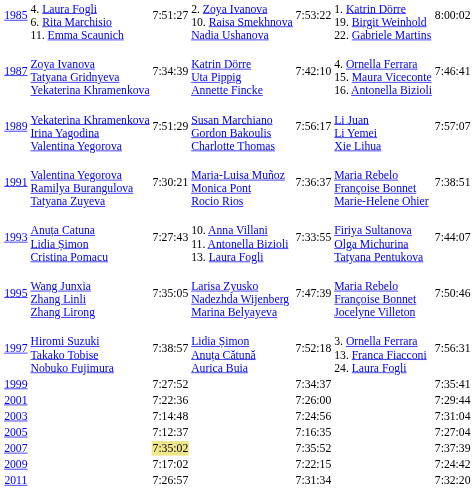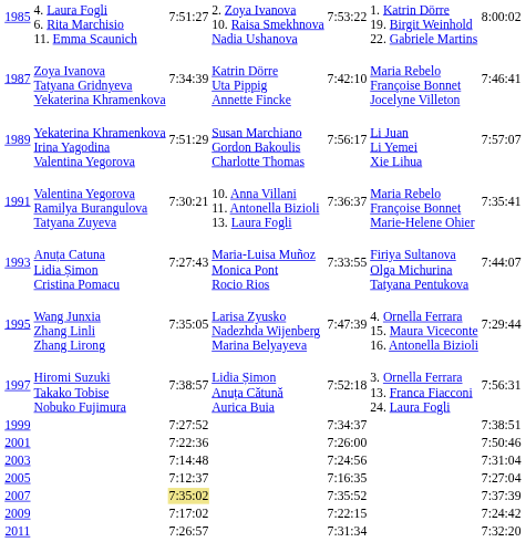 <table {| >
 <tr>
 <td align=center><a href='#'>1985</a></td>
 <td><br>4. <a href='#'>Laura Fogli</a><br>6. <a href='#'>Rita Marchisio</a><br>11. <a href='#'>Emma Scaunich</a></td>
 <td>7:51:27</td>
 <td><br>2. <a href='#'>Zoya Ivanova</a><br>10. <a href='#'>Raisa Smekhnova</a><br><a href='#'>Nadia Ushanova</a></td>
 <td>7:53:22</td>
 <td><br>1. <a href='#'>Katrin Dörre</a><br>19. <a href='#'>Birgit Weinhold</a><br>22. <a href='#'>Gabriele Martins</a></td>
 <td>8:00:02</td>
 </tr>
 <tr>
 <td align=center><a href='#'>1987</a></td>
 <td><br><a href='#'>Zoya Ivanova</a><br><a href='#'>Tatyana Gridnyeva</a><br><a href='#'>Yekaterina Khramenkova</a></td>
 <td>7:34:39</td>
 <td><br><a href='#'>Katrin Dörre</a><br><a href='#'>Uta Pippig</a><br><a href='#'>Annette Fincke</a></td>
 <td>7:42:10</td>
-<td><br>4. <a href='#'>Ornella Ferrara</a><br>15. <a href='#'>Maura Viceconte</a><br>16. <a href='#'>Antonella Bizioli</a></td>
+<td><br><a href='#'>Maria Rebelo</a><br><a href='#'>Françoise Bonnet</a><br><a href='#'>Jocelyne Villeton</a></td>
 <td>7:46:41</td>
 </tr>
 <tr>
 <td align=center><a href='#'>1989</a></td>
 <td><br><a href='#'>Yekaterina Khramenkova</a><br><a href='#'>Irina Yagodina</a><br><a href='#'>Valentina Yegorova</a></td>
 <td>7:51:29</td>
 <td><br><a href='#'>Susan Marchiano</a><br><a href='#'>Gordon Bakoulis</a><br><a href='#'>Charlotte Thomas</a></td>
 <td>7:56:17</td>
 <td><br><a href='#'>Li Juan</a><br><a href='#'>Li Yemei</a><br><a href='#'>Xie Lihua</a></td>
 <td>7:57:07</td>
 </tr>
 <tr>
 <td align=center><a href='#'>1991</a></td>
 <td><br><a href='#'>Valentina Yegorova</a><br><a href='#'>Ramilya Burangulova</a><br><a href='#'>Tatyana Zuyeva</a></td>
 <td>7:30:21</td>
-<td><br><a href='#'>Maria-Luisa Muñoz</a><br><a href='#'>Monica Pont</a><br><a href='#'>Rocio Rios</a></td>
+<td><br>10. <a href='#'>Anna Villani</a><br>11. <a href='#'>Antonella Bizioli</a><br>13. <a href='#'>Laura Fogli</a></td>
 <td>7:36:37</td>
 <td><br><a href='#'>Maria Rebelo</a><br><a href='#'>Françoise Bonnet</a><br><a href='#'>Marie-Helene Ohier</a></td>
-<td>7:38:51</td>
+<td>7:35:41</td>
 </tr>
 <tr>
 <td align=center><a href='#'>1993</a></td>
 <td><br><a href='#'>Anuța Catuna</a><br><a href='#'>Lidia Șimon</a><br><a href='#'>Cristina Pomacu</a></td>
 <td>7:27:43</td>
-<td><br>10. <a href='#'>Anna Villani</a><br>11. <a href='#'>Antonella Bizioli</a><br>13. <a href='#'>Laura Fogli</a></td>
+<td><br><a href='#'>Maria-Luisa Muñoz</a><br><a href='#'>Monica Pont</a><br><a href='#'>Rocio Rios</a></td>
 <td>7:33:55</td>
 <td><br><a href='#'>Firiya Sultanova</a><br><a href='#'>Olga Michurina</a><br><a href='#'>Tatyana Pentukova</a></td>
 <td>7:44:07</td>
 </tr>
 <tr>
 <td align=center><a href='#'>1995</a></td>
 <td><br><a href='#'>Wang Junxia</a><br><a href='#'>Zhang Linli</a><br><a href='#'>Zhang Lirong</a></td>
 <td>7:35:05</td>
 <td><br><a href='#'>Larisa Zyusko</a><br><a href='#'>Nadezhda Wijenberg</a><br><a href='#'>Marina Belyayeva</a></td>
 <td>7:47:39</td>
-<td><br><a href='#'>Maria Rebelo</a><br><a href='#'>Françoise Bonnet</a><br><a href='#'>Jocelyne Villeton</a></td>
-<td>7:50:46</td>
+<td><br>4. <a href='#'>Ornella Ferrara</a><br>15. <a href='#'>Maura Viceconte</a><br>16. <a href='#'>Antonella Bizioli</a></td>
+<td>7:29:44</td>
 </tr>
 <tr>
 <td align=center><a href='#'>1997</a></td>
 <td><br><a href='#'>Hiromi Suzuki</a><br><a href='#'>Takako Tobise</a><br><a href='#'>Nobuko Fujimura</a></td>
 <td>7:38:57</td>
 <td><br><a href='#'>Lidia Șimon</a><br><a href='#'>Anuța Cătună</a><br><a href='#'>Aurica Buia</a></td>
 <td>7:52:18</td>
 <td><br>3. <a href='#'>Ornella Ferrara</a><br>13. <a href='#'>Franca Fiacconi</a><br>24. <a href='#'>Laura Fogli</a></td>
 <td>7:56:31</td>
 </tr>
 <tr>
 <td align=center><a href='#'>1999</a></td>
 <td></td>
 <td>7:27:52</td>
 <td></td>
 <td>7:34:37</td>
 <td></td>
-<td>7:35:41</td>
+<td>7:38:51</td>
 </tr>
 <tr>
 <td align=center><a href='#'>2001</a></td>
 <td></td>
 <td>7:22:36</td>
 <td></td>
 <td>7:26:00</td>
 <td></td>
-<td>7:29:44</td>
+<td>7:50:46</td>
 </tr>
 <tr>
 <td align=center><a href='#'>2003</a></td>
 <td></td>
 <td>7:14:48</td>
 <td></td>
 <td>7:24:56</td>
 <td></td>
 <td>7:31:04</td>
 </tr>
 <tr>
 <td align=center><a href='#'>2005</a></td>
 <td></td>
 <td>7:12:37</td>
 <td></td>
 <td>7:16:35</td>
 <td></td>
 <td>7:27:04</td>
 </tr>
 <tr>
 <td align=center><a href='#'>2007</a></td>
 <td></td>
 <td style="background: khaki;">7:35:02</td>
 <td></td>
 <td>7:35:52</td>
 <td></td>
 <td>7:37:39</td>
 </tr>
 <tr>
 <td align=center><a href='#'>2009</a></td>
 <td></td>
 <td>7:17:02</td>
 <td></td>
 <td>7:22:15</td>
 <td></td>
 <td>7:24:42</td>
 </tr>
 <tr>
 <td align=center><a href='#'>2011</a></td>
 <td></td>
 <td>7:26:57</td>
 <td></td>
 <td>7:31:34</td>
 <td></td>
 <td>7:32:20</td>
 </tr>
 </table>
